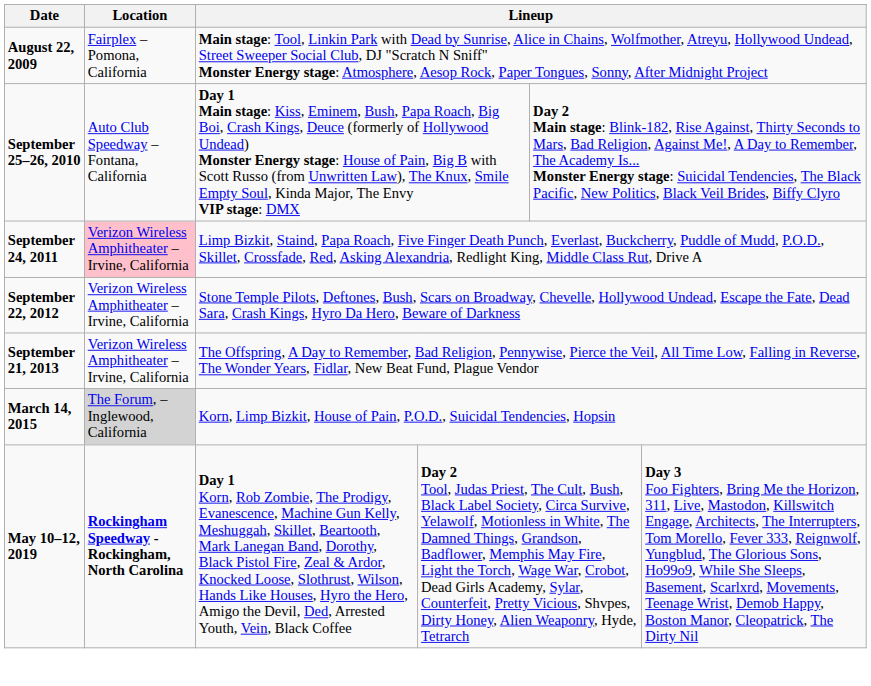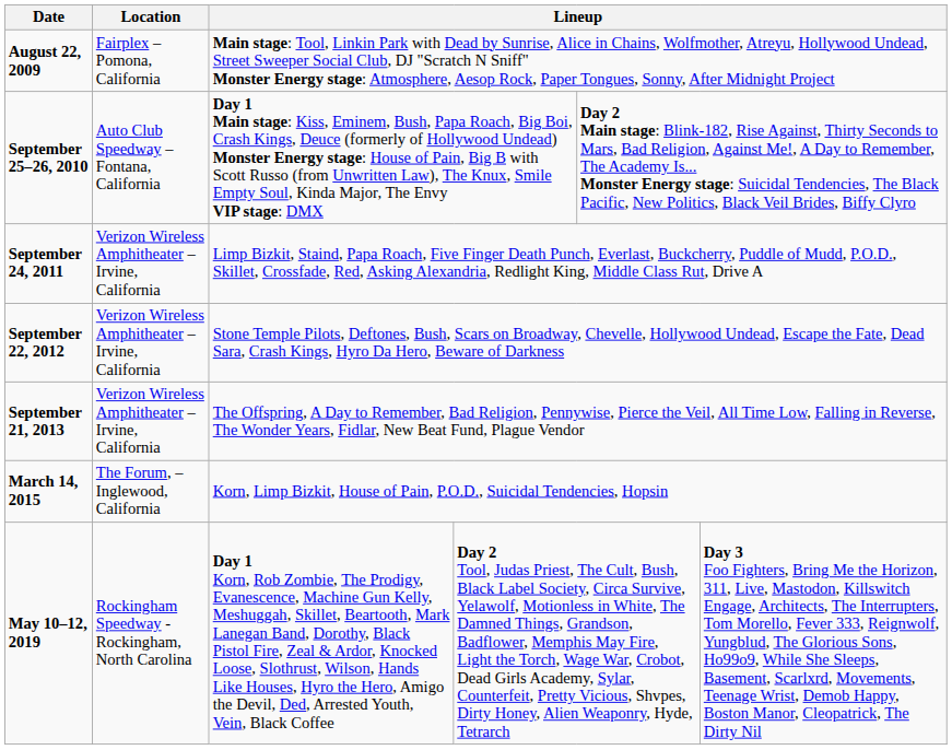 <table class="wikitable" width="75%">
 <tr>
 <th>Date</th>
 <th>Location</th>
 <th colspan="4">Lineup</th>
 </tr>
 <tr>
 <td><strong>August 22, 2009</strong></td>
 <td><a href='#'>Fairplex</a> – Pomona, California</td>
 <td colspan="4"><strong>Main stage</strong>: <a href='#'>Tool</a>, <a href='#'>Linkin Park</a> with <a href='#'>Dead by Sunrise</a>, <a href='#'>Alice in Chains</a>, <a href='#'>Wolfmother</a>, <a href='#'>Atreyu</a>, <a href='#'>Hollywood Undead</a>, <a href='#'>Street Sweeper Social Club</a>, DJ "Scratch N Sniff"<br><strong>Monster Energy stage</strong>: <a href='#'>Atmosphere</a>, <a href='#'>Aesop Rock</a>, <a href='#'>Paper Tongues</a>, <a href='#'>Sonny</a>, <a href='#'>After Midnight Project</a></td>
 </tr>
 <tr>
 <td><strong>September 25–26, 2010</strong></td>
 <td><a href='#'>Auto Club Speedway</a> – Fontana, California</td>
 <td colspan="2"><strong>Day 1</strong><br><strong>Main stage</strong>: <a href='#'>Kiss</a>, <a href='#'>Eminem</a>, <a href='#'>Bush</a>, <a href='#'>Papa Roach</a>, <a href='#'>Big Boi</a>, <a href='#'>Crash Kings</a>, <a href='#'>Deuce</a> (formerly of <a href='#'>Hollywood Undead</a>)<br><strong>Monster Energy stage</strong>: <a href='#'>House of Pain</a>, <a href='#'>Big B</a> with Scott Russo (from <a href='#'>Unwritten Law</a>), <a href='#'>The Knux</a>, <a href='#'>Smile Empty Soul</a>, Kinda Major, The Envy<br><strong>VIP stage</strong>: <a href='#'>DMX</a></td>
 <td colspan="2"><strong>Day 2</strong><br><strong>Main stage</strong>: <a href='#'>Blink-182</a>, <a href='#'>Rise Against</a>, <a href='#'>Thirty Seconds to Mars</a>, <a href='#'>Bad Religion</a>, <a href='#'>Against Me!</a>, <a href='#'>A Day to Remember</a>, <a href='#'>The Academy Is...</a><br><strong>Monster Energy stage</strong>: <a href='#'>Suicidal Tendencies</a>, <a href='#'>The Black Pacific</a>, <a href='#'>New Politics</a>, <a href='#'>Black Veil Brides</a>, <a href='#'>Biffy Clyro</a></td>
 </tr>
 <tr>
 <td><strong>September 24, 2011</strong></td>
-<td style="background: pink;"><a href='#'>Verizon Wireless Amphitheater</a> – Irvine, California</td>
+<td><a href='#'>Verizon Wireless Amphitheater</a> – Irvine, California</td>
 <td colspan="4"><a href='#'>Limp Bizkit</a>, <a href='#'>Staind</a>, <a href='#'>Papa Roach</a>, <a href='#'>Five Finger Death Punch</a>, <a href='#'>Everlast</a>, <a href='#'>Buckcherry</a>, <a href='#'>Puddle of Mudd</a>, <a href='#'>P.O.D.</a>, <a href='#'>Skillet</a>, <a href='#'>Crossfade</a>, <a href='#'>Red</a>, <a href='#'>Asking Alexandria</a>, Redlight King, <a href='#'>Middle Class Rut</a>, Drive A</td>
 </tr>
 <tr>
 <td><strong>September 22, 2012</strong></td>
 <td><a href='#'>Verizon Wireless Amphitheater</a> – Irvine, California</td>
 <td colspan="4"><a href='#'>Stone Temple Pilots</a>, <a href='#'>Deftones</a>, <a href='#'>Bush</a>, <a href='#'>Scars on Broadway</a>, <a href='#'>Chevelle</a>, <a href='#'>Hollywood Undead</a>, <a href='#'>Escape the Fate</a>, <a href='#'>Dead Sara</a>, <a href='#'>Crash Kings</a>, <a href='#'>Hyro Da Hero</a>, <a href='#'>Beware of Darkness</a></td>
 </tr>
 <tr>
 <td><strong>September 21, 2013</strong></td>
 <td><a href='#'>Verizon Wireless Amphitheater</a> – Irvine, California</td>
 <td colspan="4"><a href='#'>The Offspring</a>, <a href='#'>A Day to Remember</a>, <a href='#'>Bad Religion</a>, <a href='#'>Pennywise</a>, <a href='#'>Pierce the Veil</a>, <a href='#'>All Time Low</a>, <a href='#'>Falling in Reverse</a>, <a href='#'>The Wonder Years</a>, <a href='#'>Fidlar</a>, New Beat Fund, Plague Vendor</td>
 </tr>
 <tr>
 <td><strong>March 14, 2015</strong></td>
-<td style="background: lightgrey;"><a href='#'>The Forum</a>, – Inglewood, California</td>
+<td><a href='#'>The Forum</a>, – Inglewood, California</td>
 <td colspan="4"><a href='#'>Korn</a>, <a href='#'>Limp Bizkit</a>, <a href='#'>House of Pain</a>, <a href='#'>P.O.D.</a>, <a href='#'>Suicidal Tendencies</a>, <a href='#'>Hopsin</a></td>
 </tr>
 <tr>
 <td><strong>May 10–12, 2019</strong></td>
-<td><strong><a href='#'>Rockingham Speedway</a> - Rockingham, North Carolina</strong></td>
+<td><a href='#'>Rockingham Speedway</a> - Rockingham, North Carolina</td>
 <td><br><strong>Day 1</strong><br><a href='#'>Korn</a>, <a href='#'>Rob Zombie</a>, <a href='#'>The Prodigy</a>, <a href='#'>Evanescence</a>, <a href='#'>Machine Gun Kelly</a>, <a href='#'>Meshuggah</a>, <a href='#'>Skillet</a>, <a href='#'>Beartooth</a>, <a href='#'>Mark Lanegan Band</a>, <a href='#'>Dorothy</a>, <a href='#'>Black Pistol Fire</a>, <a href='#'>Zeal & Ardor</a>, <a href='#'>Knocked Loose</a>, <a href='#'>Slothrust</a>, <a href='#'>Wilson</a>, <a href='#'>Hands Like Houses</a>, <a href='#'>Hyro the Hero</a>, Amigo the Devil, <a href='#'>Ded</a>, Arrested Youth, <a href='#'>Vein</a>, Black Coffee</td>
 <td colspan="2"><br><strong>Day 2</strong><br><a href='#'>Tool</a>, <a href='#'>Judas Priest</a>, <a href='#'>The Cult</a>, <a href='#'>Bush</a>, <a href='#'>Black Label Society</a>, <a href='#'>Circa Survive</a>, <a href='#'>Yelawolf</a>, <a href='#'>Motionless in White</a>, <a href='#'>The Damned Things</a>, <a href='#'>Grandson</a>, <a href='#'>Badflower</a>, <a href='#'>Memphis May Fire</a>, <a href='#'>Light the Torch</a>, <a href='#'>Wage War</a>, <a href='#'>Crobot</a>, Dead Girls Academy, <a href='#'>Sylar</a>, <a href='#'>Counterfeit</a>, <a href='#'>Pretty Vicious</a>, Shvpes, <a href='#'>Dirty Honey</a>, <a href='#'>Alien Weaponry</a>, Hyde, <a href='#'>Tetrarch</a></td>
 <td><br><strong>Day 3</strong><br><a href='#'>Foo Fighters</a>, <a href='#'>Bring Me the Horizon</a>, <a href='#'>311</a>, <a href='#'>Live</a>, <a href='#'>Mastodon</a>, <a href='#'>Killswitch Engage</a>, <a href='#'>Architects</a>, <a href='#'>The Interrupters</a>, <a href='#'>Tom Morello</a>, <a href='#'>Fever 333</a>, <a href='#'>Reignwolf</a>, <a href='#'>Yungblud</a>, <a href='#'>The Glorious Sons</a>, <a href='#'>Ho99o9</a>, <a href='#'>While She Sleeps</a>, <a href='#'>Basement</a>, <a href='#'>Scarlxrd</a>, <a href='#'>Movements</a>, <a href='#'>Teenage Wrist</a>, <a href='#'>Demob Happy</a>, <a href='#'>Boston Manor</a>, <a href='#'>Cleopatrick</a>, <a href='#'>The Dirty Nil</a></td>
 </tr>
 </table>
